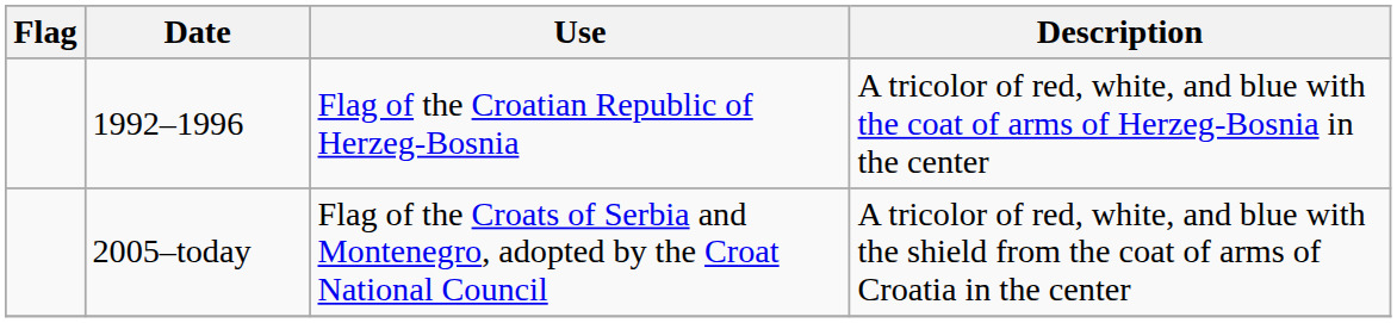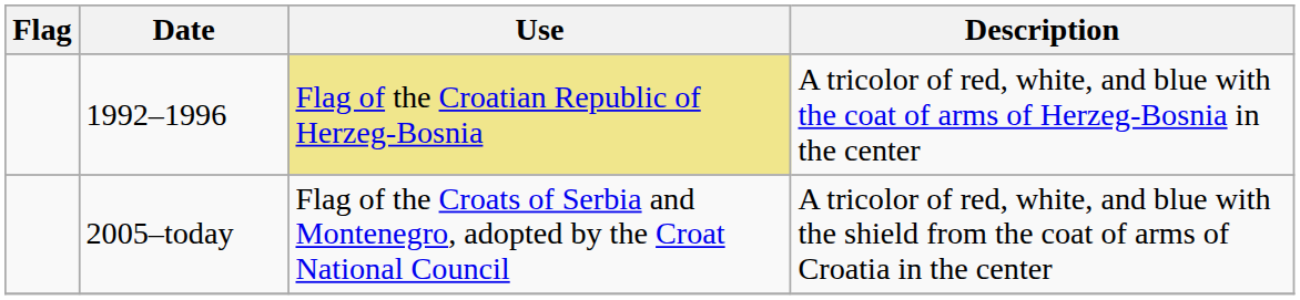 <table class="wikitable">
 <tr>
 <th>Flag</th>
 <th style="width:100px;">Date</th>
 <th style="width:250px;">Use</th>
 <th style="width:250px;">Description</th>
 </tr>
 <tr>
 <td></td>
 <td>1992–1996</td>
-<td><a href='#'>Flag of</a> the <a href='#'>Croatian Republic of Herzeg-Bosnia</a></td>
+<td style="background: khaki;"><a href='#'>Flag of</a> the <a href='#'>Croatian Republic of Herzeg-Bosnia</a></td>
 <td>A tricolor of red, white, and blue with <a href='#'>the coat of arms of Herzeg-Bosnia</a> in the center</td>
 </tr>
 <tr>
 <td></td>
 <td>2005–today</td>
 <td>Flag of the <a href='#'>Croats of Serbia</a> and <a href='#'>Montenegro</a>, adopted by the <a href='#'>Croat National Council</a></td>
 <td>A tricolor of red, white, and blue with the shield from the coat of arms of Croatia in the center</td>
 </tr>
 <tr>
 </tr>
 </table>
